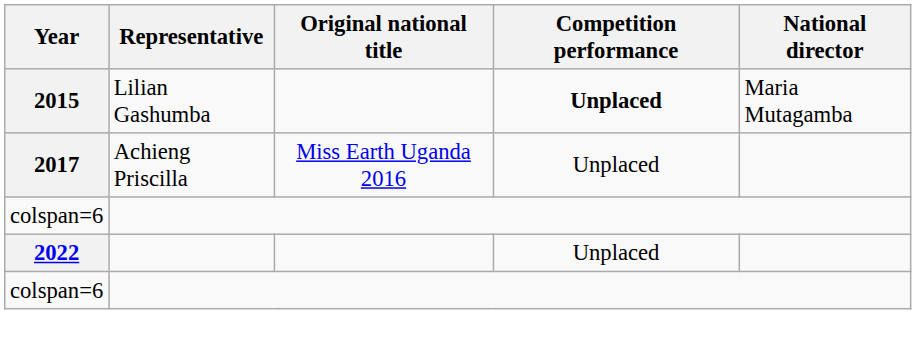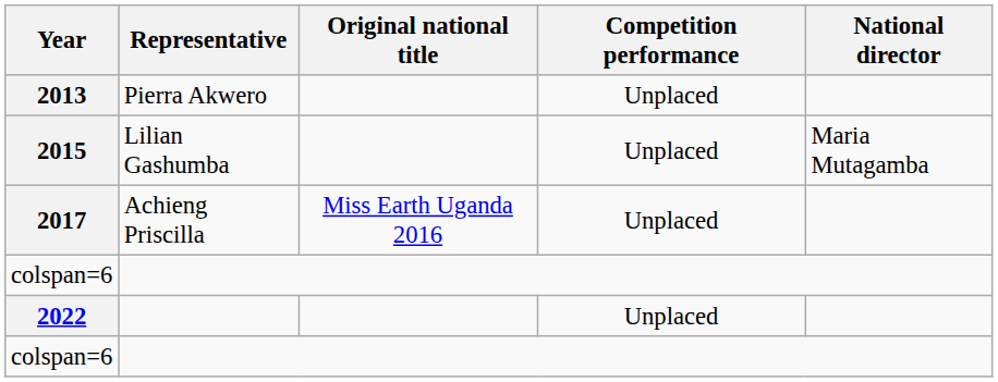 <table class="wikitable" style="font-size:95%;">
 <tr>
 <th>Year</th>
 <th>Representative</th>
 <th>Original national title</th>
 <th>Competition performance</th>
 <th>National director</th>
 </tr>
 <tr>
+<th>2013</th>
+<td>Pierra Akwero</td>
+<td></td>
+<td align=center>Unplaced</td>
+<td></td>
+</tr>
+<tr>
 <th>2015</th>
 <td>Lilian Gashumba</td>
 <td></td>
-<td align=center><strong>Unplaced</strong></td>
+<td align=center>Unplaced</td>
 <td>Maria Mutagamba</td>
 </tr>
 <tr>
 <th>2017</th>
 <td>Achieng Priscilla</td>
 <td align=center><a href='#'>Miss Earth Uganda 2016</a></td>
 <td align=center>Unplaced</td>
 <td></td>
 </tr>
 <tr>
 <td>colspan=6 </td>
 </tr>
 <tr>
 <th><a href='#'>2022</a></th>
 <td></td>
 <td align=center></td>
 <td align=center>Unplaced</td>
 <td></td>
 </tr>
 <tr>
 <td>colspan=6 </td>
 </tr>
 </table>
